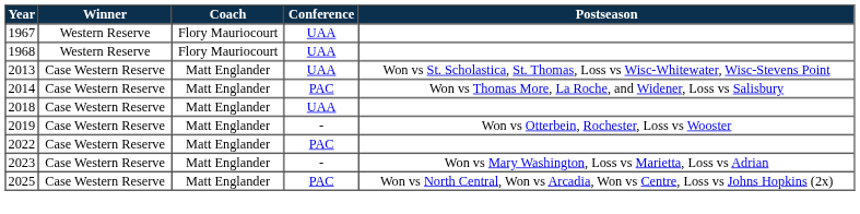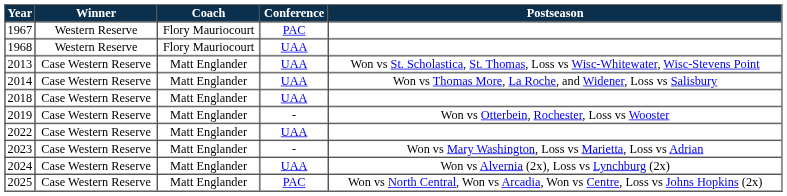 <table bcellpadding="1" border="1" cellspacing="0" style="width:80%;"valign="top">
 <tr>
 <th - style="background:#0A304E; color:white">Year</th>
 <th - style="background:#0A304E; color:white">Winner</th>
 <th - style="background:#0A304E; color:white">Coach</th>
 <th - style="background:#0A304E; color:white">Conference</th>
 <th - style="background:#0A304E; color:white">Postseason</th>
 </tr>
 <tr style="text-align:center;">
 <td>1967</td>
 <td>Western Reserve</td>
 <td>Flory Mauriocourt</td>
-<td><a href='#'>UAA</a></td>
+<td><a href='#'>PAC</a></td>
 <td></td>
 </tr>
 <tr style="text-align:center;">
 <td>1968</td>
 <td>Western Reserve</td>
 <td>Flory Mauriocourt</td>
 <td><a href='#'>UAA</a></td>
 <td></td>
 </tr>
 <tr style="text-align:center;">
 <td>2013</td>
 <td>Case Western Reserve</td>
 <td>Matt Englander</td>
 <td><a href='#'>UAA</a></td>
 <td>Won vs <a href='#'>St. Scholastica</a>, <a href='#'>St. Thomas</a>, Loss vs <a href='#'>Wisc-Whitewater</a>, <a href='#'>Wisc-Stevens Point</a></td>
 </tr>
 <tr style="text-align:center;">
 <td>2014</td>
 <td>Case Western Reserve</td>
 <td>Matt Englander</td>
-<td><a href='#'>PAC</a></td>
+<td><a href='#'>UAA</a></td>
 <td>Won vs <a href='#'>Thomas More</a>, <a href='#'>La Roche</a>, and <a href='#'>Widener</a>, Loss vs <a href='#'>Salisbury</a></td>
 </tr>
 <tr style="text-align:center;">
 <td>2018</td>
 <td>Case Western Reserve</td>
 <td>Matt Englander</td>
 <td><a href='#'>UAA</a></td>
 <td></td>
 </tr>
 <tr style="text-align:center;">
 <td>2019</td>
 <td>Case Western Reserve</td>
 <td>Matt Englander</td>
 <td>-</td>
 <td>Won vs <a href='#'>Otterbein</a>, <a href='#'>Rochester</a>, Loss vs <a href='#'>Wooster</a></td>
 </tr>
 <tr style="text-align:center;">
 <td>2022</td>
 <td>Case Western Reserve</td>
 <td>Matt Englander</td>
-<td><a href='#'>PAC</a></td>
+<td><a href='#'>UAA</a></td>
 <td></td>
 </tr>
 <tr style="text-align:center;">
 <td>2023</td>
 <td>Case Western Reserve</td>
 <td>Matt Englander</td>
 <td>-</td>
 <td>Won vs <a href='#'>Mary Washington</a>, Loss vs <a href='#'>Marietta</a>, Loss vs <a href='#'>Adrian</a></td>
+</tr>
+<tr style="text-align:center;">
+<td>2024</td>
+<td>Case Western Reserve</td>
+<td>Matt Englander</td>
+<td><a href='#'>UAA</a></td>
+<td>Won vs <a href='#'>Alvernia</a> (2x), Loss vs <a href='#'>Lynchburg</a> (2x)</td>
 </tr>
 <tr style="text-align:center;">
 <td>2025</td>
 <td>Case Western Reserve</td>
 <td>Matt Englander</td>
 <td><a href='#'>PAC</a></td>
 <td>Won vs <a href='#'>North Central</a>, Won vs <a href='#'>Arcadia</a>, Won vs <a href='#'>Centre</a>, Loss vs <a href='#'>Johns Hopkins</a> (2x)</td>
 </tr>
 <tr style="text-align:center;">
 </tr>
 </table>
